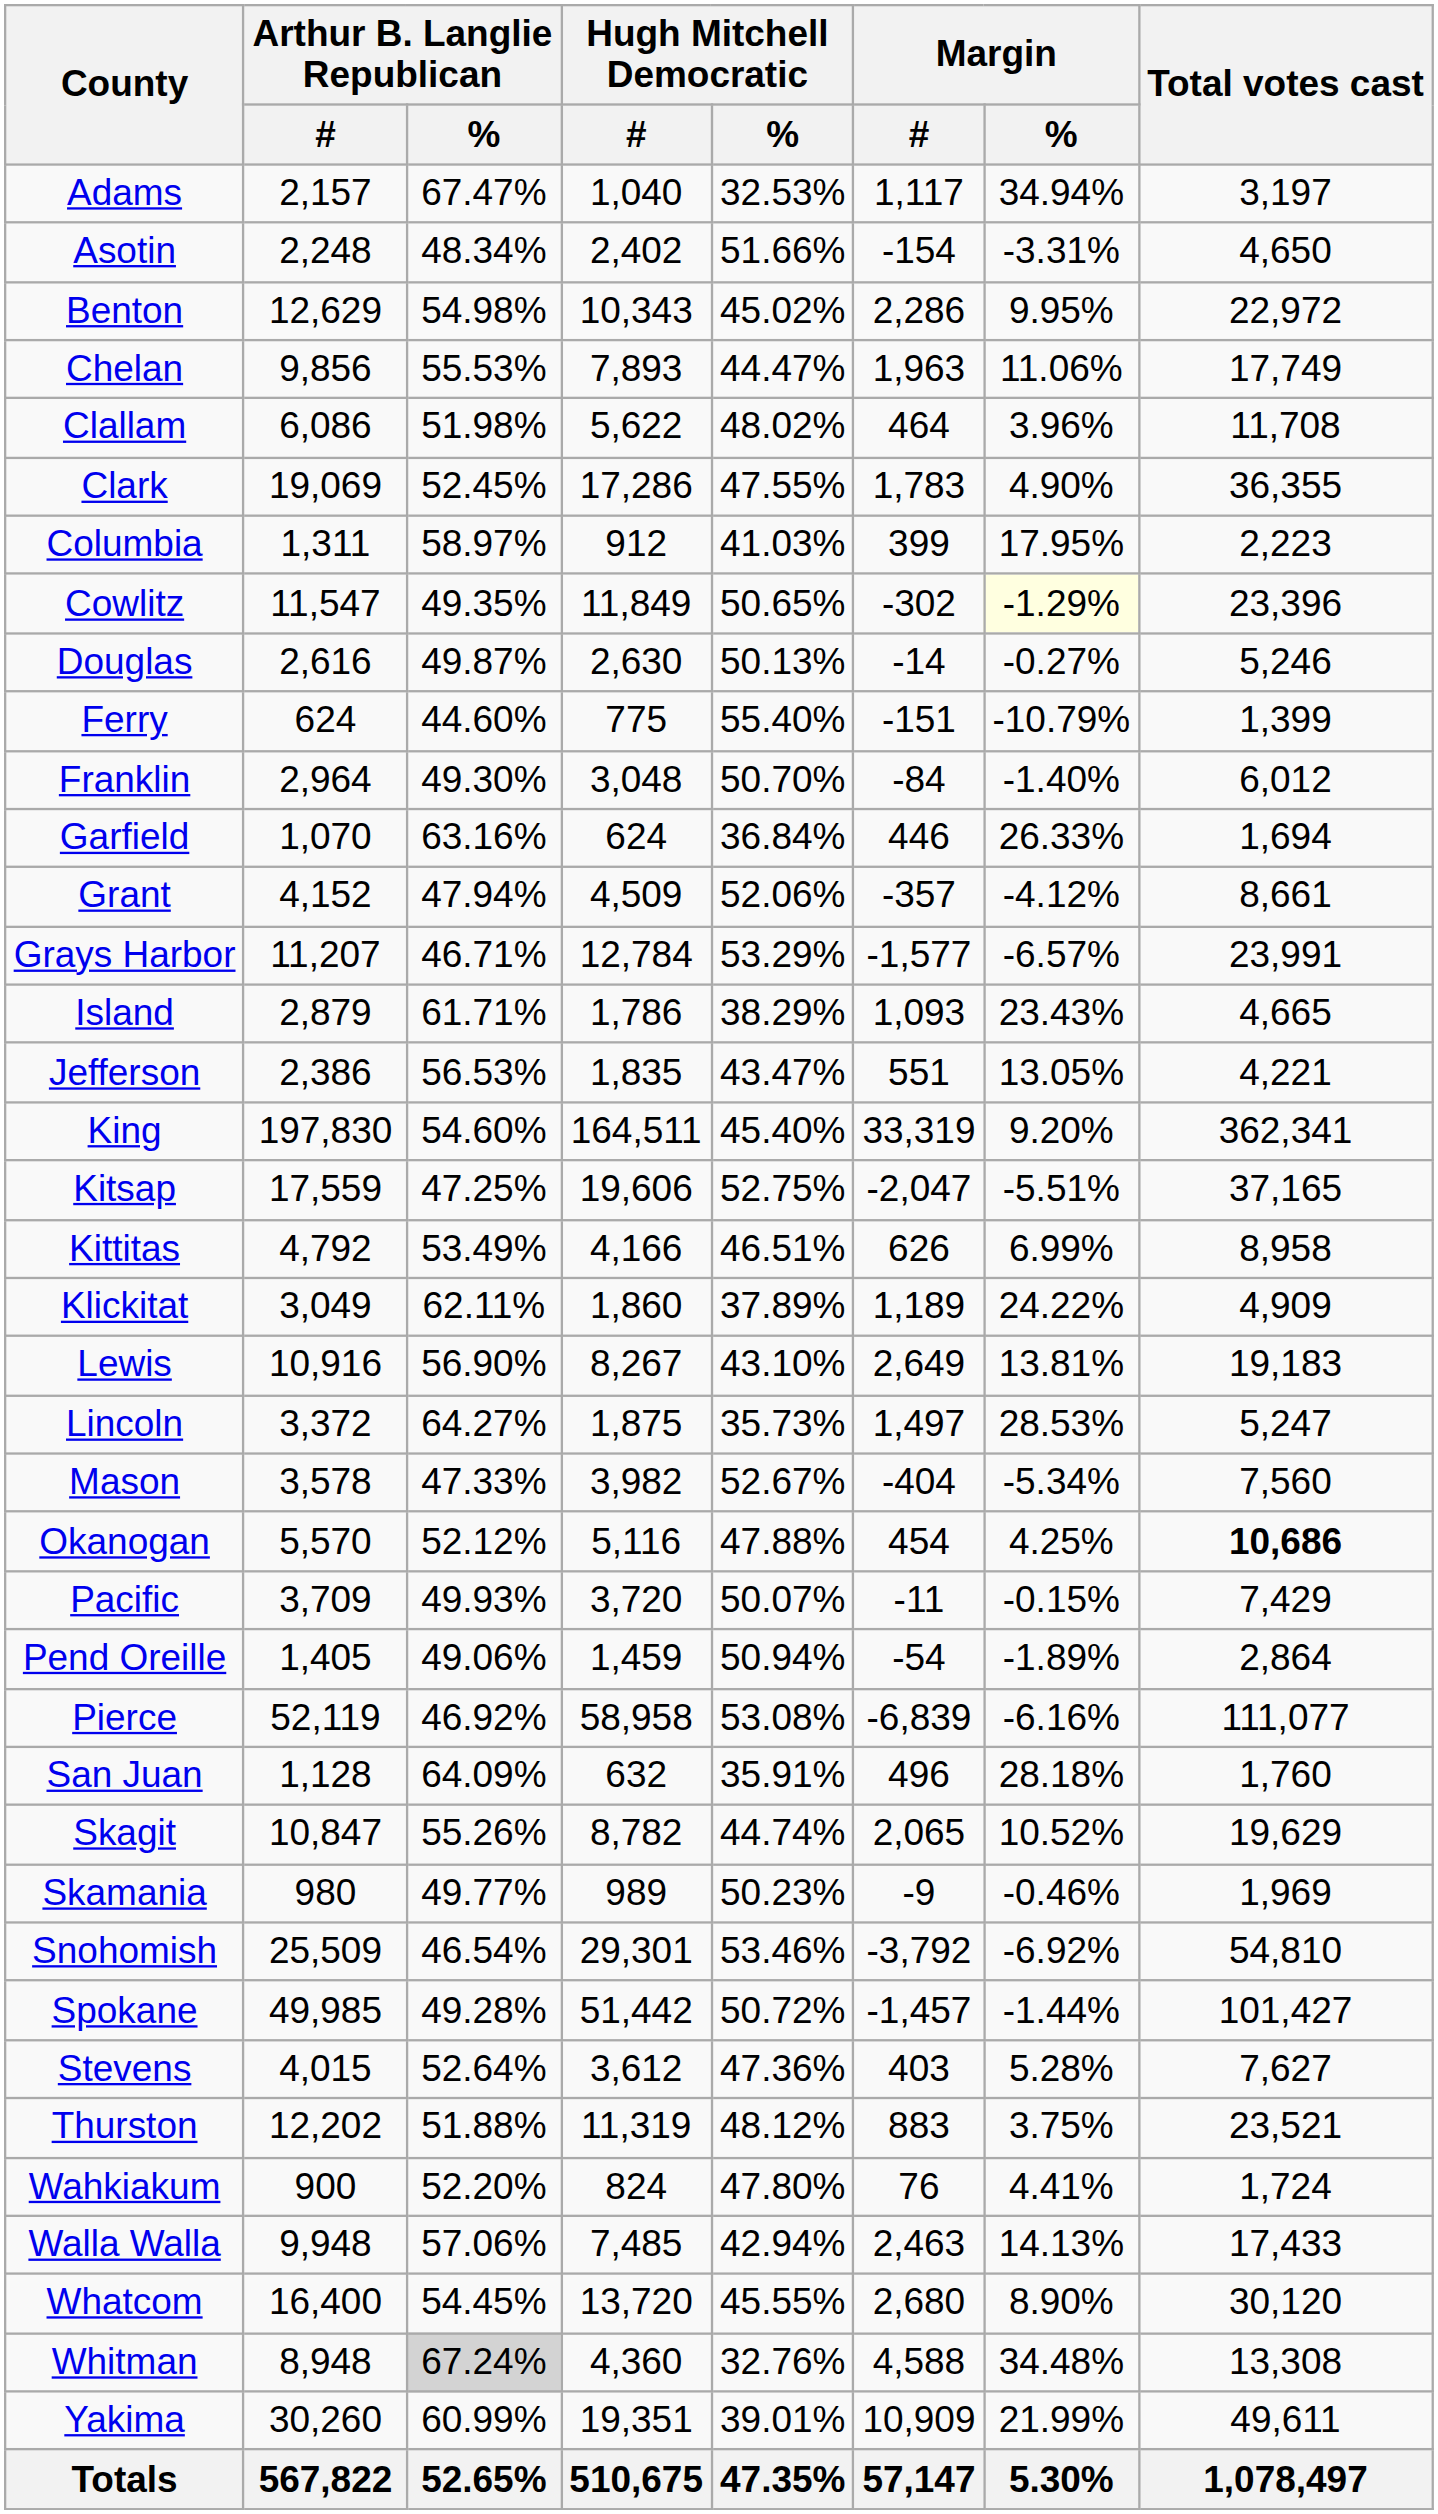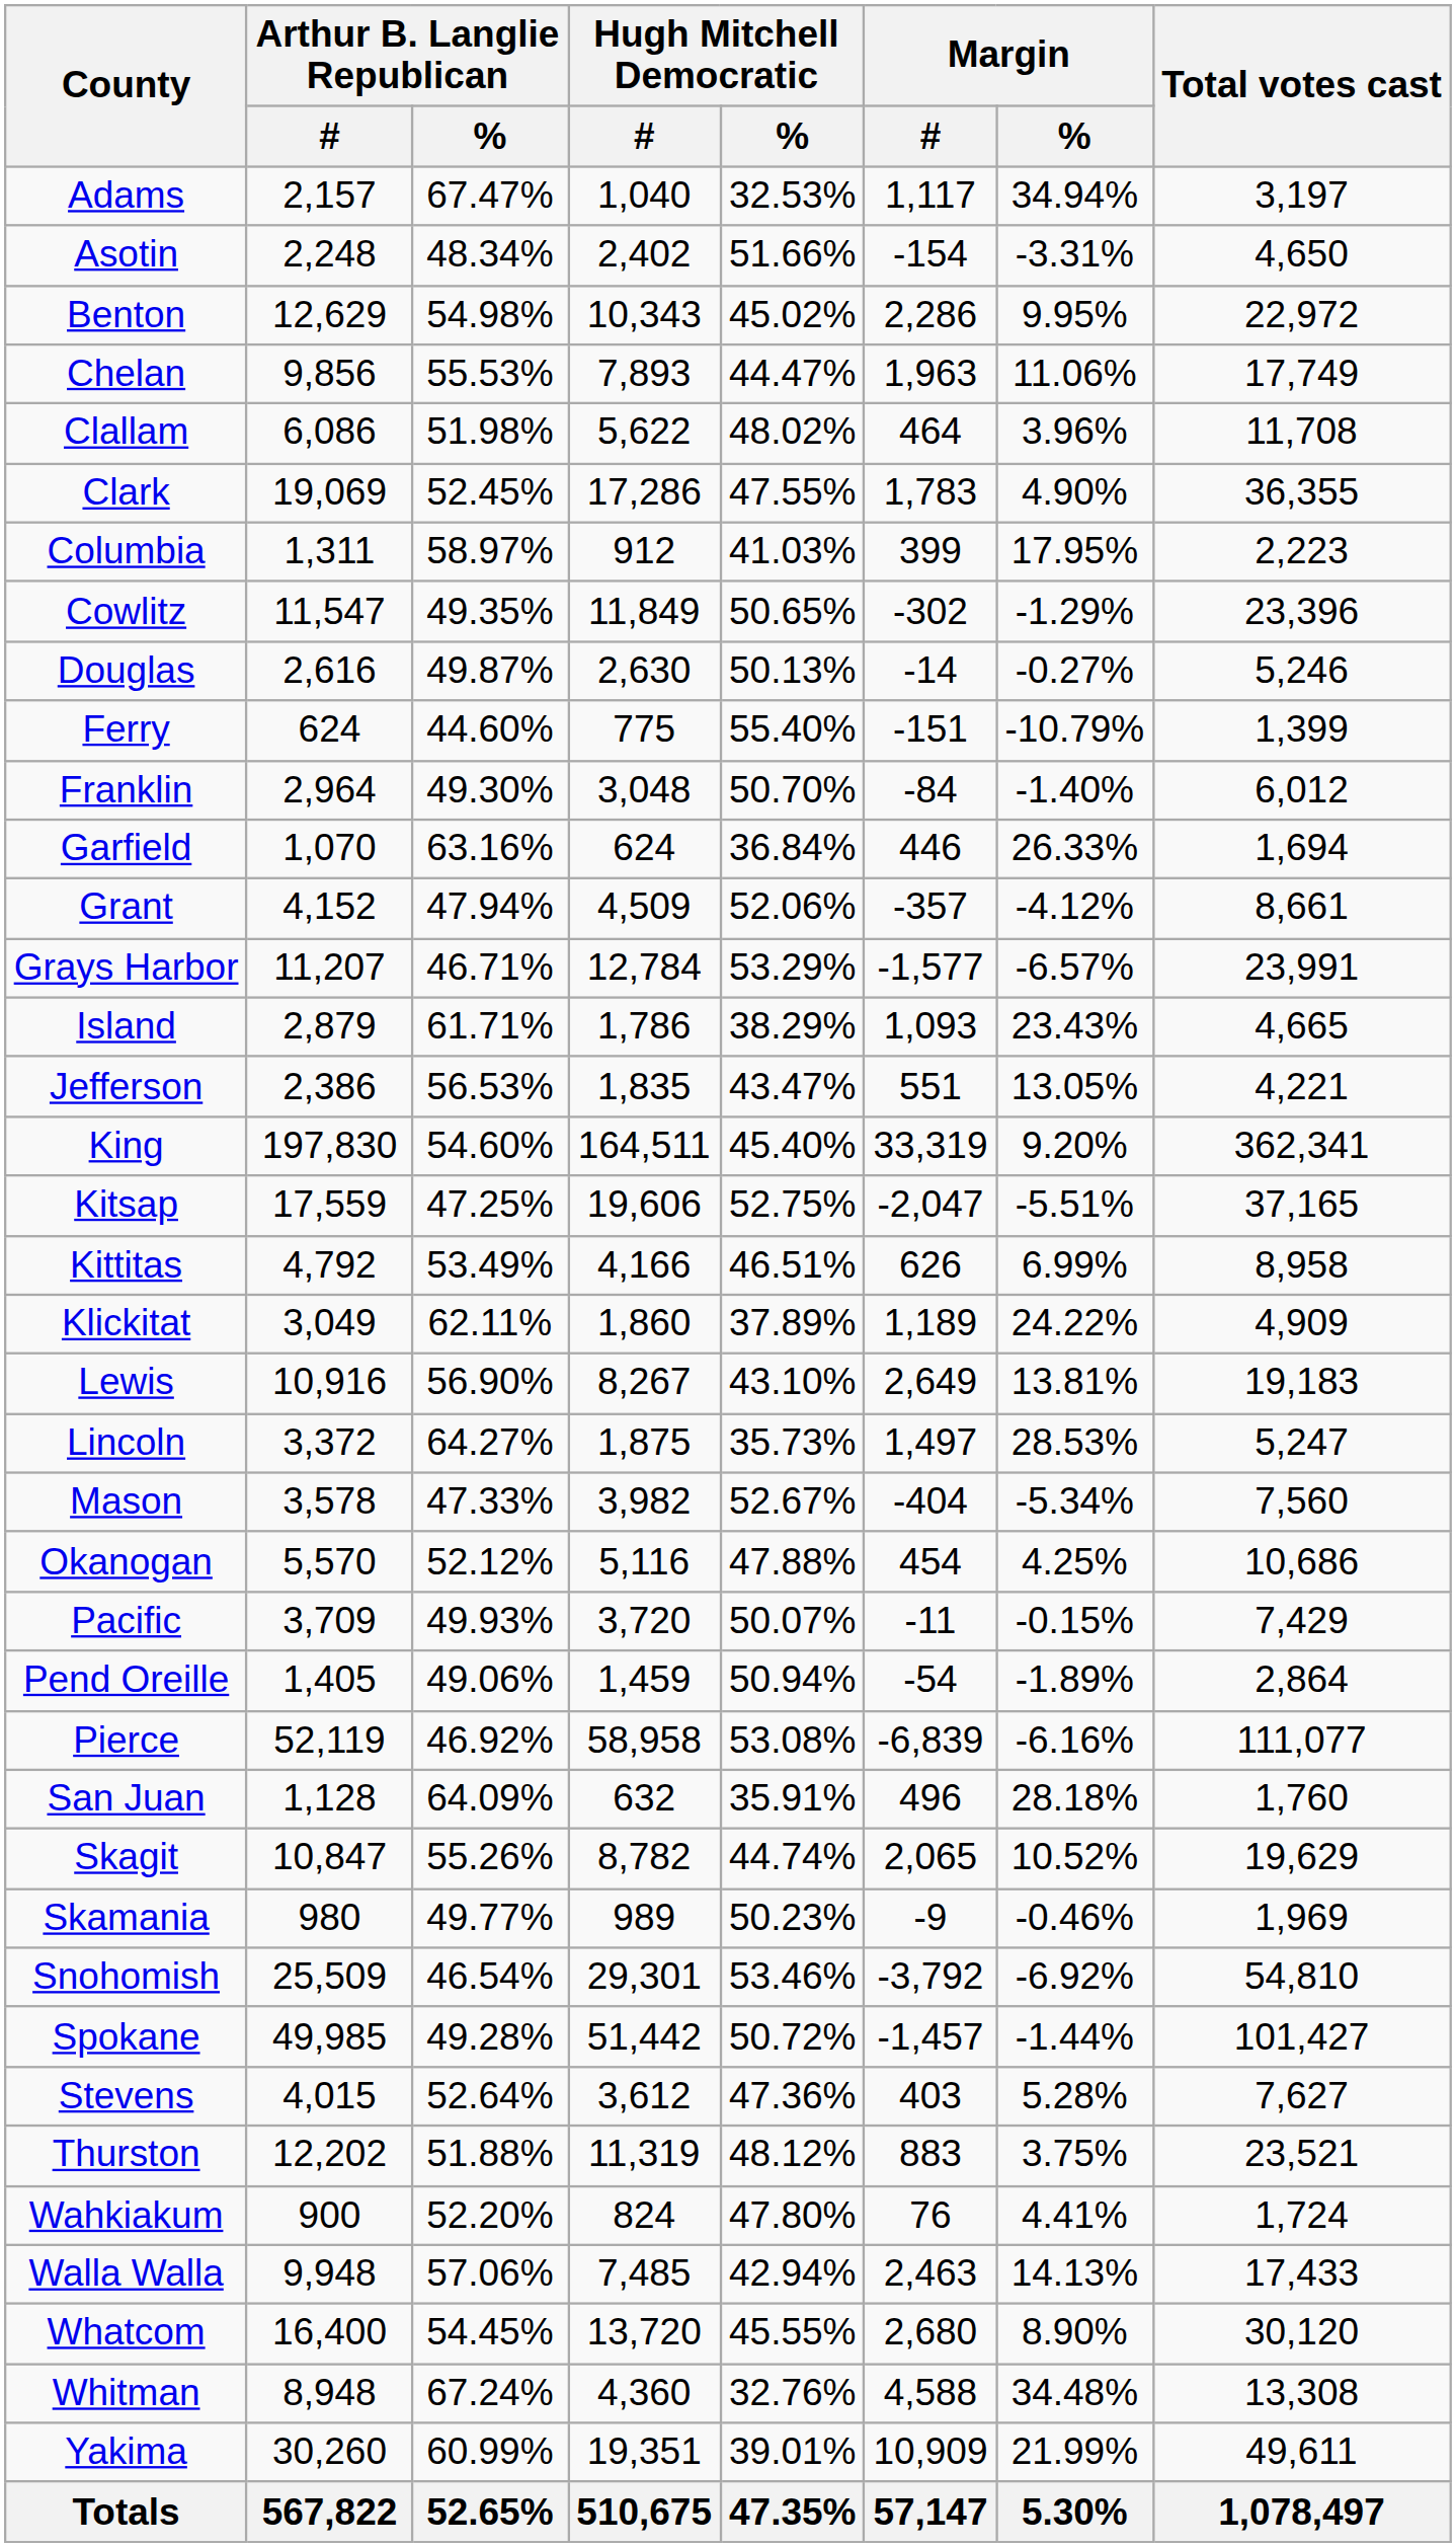 <table class="wikitable sortable">
 <tr>
 <th style="text-align:center;" rowspan="2">County</th>
 <th style="text-align:center;" colspan="2">Arthur B. Langlie<br>Republican</th>
 <th style="text-align:center;" colspan="2">Hugh Mitchell<br>Democratic</th>
 <th style="text-align:center;" colspan="2">Margin</th>
 <th style="text-align:center;" rowspan="2">Total votes cast</th>
 </tr>
 <tr bgcolor="lightgrey">
 <th style="text-align:center;" data-sort-type="number">#</th>
 <th style="text-align:center;" data-sort-type="number">%</th>
 <th style="text-align:center;" data-sort-type="number">#</th>
 <th style="text-align:center;" data-sort-type="number">%</th>
 <th style="text-align:center;" data-sort-type="number">#</th>
 <th style="text-align:center;" data-sort-type="number">%</th>
 </tr>
 <tr style="text-align:center;">
 <td><a href='#'>Adams</a></td>
 <td>2,157</td>
 <td>67.47%</td>
 <td>1,040</td>
 <td>32.53%</td>
 <td>1,117</td>
 <td>34.94%</td>
 <td>3,197</td>
 </tr>
 <tr style="text-align:center;">
 <td><a href='#'>Asotin</a></td>
 <td>2,248</td>
 <td>48.34%</td>
 <td>2,402</td>
 <td>51.66%</td>
 <td>-154</td>
 <td>-3.31%</td>
 <td>4,650</td>
 </tr>
 <tr style="text-align:center;">
 <td><a href='#'>Benton</a></td>
 <td>12,629</td>
 <td>54.98%</td>
 <td>10,343</td>
 <td>45.02%</td>
 <td>2,286</td>
 <td>9.95%</td>
 <td>22,972</td>
 </tr>
 <tr style="text-align:center;">
 <td><a href='#'>Chelan</a></td>
 <td>9,856</td>
 <td>55.53%</td>
 <td>7,893</td>
 <td>44.47%</td>
 <td>1,963</td>
 <td>11.06%</td>
 <td>17,749</td>
 </tr>
 <tr style="text-align:center;">
 <td><a href='#'>Clallam</a></td>
 <td>6,086</td>
 <td>51.98%</td>
 <td>5,622</td>
 <td>48.02%</td>
 <td>464</td>
 <td>3.96%</td>
 <td>11,708</td>
 </tr>
 <tr style="text-align:center;">
 <td><a href='#'>Clark</a></td>
 <td>19,069</td>
 <td>52.45%</td>
 <td>17,286</td>
 <td>47.55%</td>
 <td>1,783</td>
 <td>4.90%</td>
 <td>36,355</td>
 </tr>
 <tr style="text-align:center;">
 <td><a href='#'>Columbia</a></td>
 <td>1,311</td>
 <td>58.97%</td>
 <td>912</td>
 <td>41.03%</td>
 <td>399</td>
 <td>17.95%</td>
 <td>2,223</td>
 </tr>
 <tr style="text-align:center;">
 <td><a href='#'>Cowlitz</a></td>
 <td>11,547</td>
 <td>49.35%</td>
 <td>11,849</td>
 <td>50.65%</td>
 <td>-302</td>
-<td style="background: lightyellow;">-1.29%</td>
+<td>-1.29%</td>
 <td>23,396</td>
 </tr>
 <tr style="text-align:center;">
 <td><a href='#'>Douglas</a></td>
 <td>2,616</td>
 <td>49.87%</td>
 <td>2,630</td>
 <td>50.13%</td>
 <td>-14</td>
 <td>-0.27%</td>
 <td>5,246</td>
 </tr>
 <tr style="text-align:center;">
 <td><a href='#'>Ferry</a></td>
 <td>624</td>
 <td>44.60%</td>
 <td>775</td>
 <td>55.40%</td>
 <td>-151</td>
 <td>-10.79%</td>
 <td>1,399</td>
 </tr>
 <tr style="text-align:center;">
 <td><a href='#'>Franklin</a></td>
 <td>2,964</td>
 <td>49.30%</td>
 <td>3,048</td>
 <td>50.70%</td>
 <td>-84</td>
 <td>-1.40%</td>
 <td>6,012</td>
 </tr>
 <tr style="text-align:center;">
 <td><a href='#'>Garfield</a></td>
 <td>1,070</td>
 <td>63.16%</td>
 <td>624</td>
 <td>36.84%</td>
 <td>446</td>
 <td>26.33%</td>
 <td>1,694</td>
 </tr>
 <tr style="text-align:center;">
 <td><a href='#'>Grant</a></td>
 <td>4,152</td>
 <td>47.94%</td>
 <td>4,509</td>
 <td>52.06%</td>
 <td>-357</td>
 <td>-4.12%</td>
 <td>8,661</td>
 </tr>
 <tr style="text-align:center;">
 <td><a href='#'>Grays Harbor</a></td>
 <td>11,207</td>
 <td>46.71%</td>
 <td>12,784</td>
 <td>53.29%</td>
 <td>-1,577</td>
 <td>-6.57%</td>
 <td>23,991</td>
 </tr>
 <tr style="text-align:center;">
 <td><a href='#'>Island</a></td>
 <td>2,879</td>
 <td>61.71%</td>
 <td>1,786</td>
 <td>38.29%</td>
 <td>1,093</td>
 <td>23.43%</td>
 <td>4,665</td>
 </tr>
 <tr style="text-align:center;">
 <td><a href='#'>Jefferson</a></td>
 <td>2,386</td>
 <td>56.53%</td>
 <td>1,835</td>
 <td>43.47%</td>
 <td>551</td>
 <td>13.05%</td>
 <td>4,221</td>
 </tr>
 <tr style="text-align:center;">
 <td><a href='#'>King</a></td>
 <td>197,830</td>
 <td>54.60%</td>
 <td>164,511</td>
 <td>45.40%</td>
 <td>33,319</td>
 <td>9.20%</td>
 <td>362,341</td>
 </tr>
 <tr style="text-align:center;">
 <td><a href='#'>Kitsap</a></td>
 <td>17,559</td>
 <td>47.25%</td>
 <td>19,606</td>
 <td>52.75%</td>
 <td>-2,047</td>
 <td>-5.51%</td>
 <td>37,165</td>
 </tr>
 <tr style="text-align:center;">
 <td><a href='#'>Kittitas</a></td>
 <td>4,792</td>
 <td>53.49%</td>
 <td>4,166</td>
 <td>46.51%</td>
 <td>626</td>
 <td>6.99%</td>
 <td>8,958</td>
 </tr>
 <tr style="text-align:center;">
 <td><a href='#'>Klickitat</a></td>
 <td>3,049</td>
 <td>62.11%</td>
 <td>1,860</td>
 <td>37.89%</td>
 <td>1,189</td>
 <td>24.22%</td>
 <td>4,909</td>
 </tr>
 <tr style="text-align:center;">
 <td><a href='#'>Lewis</a></td>
 <td>10,916</td>
 <td>56.90%</td>
 <td>8,267</td>
 <td>43.10%</td>
 <td>2,649</td>
 <td>13.81%</td>
 <td>19,183</td>
 </tr>
 <tr style="text-align:center;">
 <td><a href='#'>Lincoln</a></td>
 <td>3,372</td>
 <td>64.27%</td>
 <td>1,875</td>
 <td>35.73%</td>
 <td>1,497</td>
 <td>28.53%</td>
 <td>5,247</td>
 </tr>
 <tr style="text-align:center;">
 <td><a href='#'>Mason</a></td>
 <td>3,578</td>
 <td>47.33%</td>
 <td>3,982</td>
 <td>52.67%</td>
 <td>-404</td>
 <td>-5.34%</td>
 <td>7,560</td>
 </tr>
 <tr style="text-align:center;">
 <td><a href='#'>Okanogan</a></td>
 <td>5,570</td>
 <td>52.12%</td>
 <td>5,116</td>
 <td>47.88%</td>
 <td>454</td>
 <td>4.25%</td>
-<td><strong>10,686</strong></td>
+<td>10,686</td>
 </tr>
 <tr style="text-align:center;">
 <td><a href='#'>Pacific</a></td>
 <td>3,709</td>
 <td>49.93%</td>
 <td>3,720</td>
 <td>50.07%</td>
 <td>-11</td>
 <td>-0.15%</td>
 <td>7,429</td>
 </tr>
 <tr style="text-align:center;">
 <td><a href='#'>Pend Oreille</a></td>
 <td>1,405</td>
 <td>49.06%</td>
 <td>1,459</td>
 <td>50.94%</td>
 <td>-54</td>
 <td>-1.89%</td>
 <td>2,864</td>
 </tr>
 <tr style="text-align:center;">
 <td><a href='#'>Pierce</a></td>
 <td>52,119</td>
 <td>46.92%</td>
 <td>58,958</td>
 <td>53.08%</td>
 <td>-6,839</td>
 <td>-6.16%</td>
 <td>111,077</td>
 </tr>
 <tr style="text-align:center;">
 <td><a href='#'>San Juan</a></td>
 <td>1,128</td>
 <td>64.09%</td>
 <td>632</td>
 <td>35.91%</td>
 <td>496</td>
 <td>28.18%</td>
 <td>1,760</td>
 </tr>
 <tr style="text-align:center;">
 <td><a href='#'>Skagit</a></td>
 <td>10,847</td>
 <td>55.26%</td>
 <td>8,782</td>
 <td>44.74%</td>
 <td>2,065</td>
 <td>10.52%</td>
 <td>19,629</td>
 </tr>
 <tr style="text-align:center;">
 <td><a href='#'>Skamania</a></td>
 <td>980</td>
 <td>49.77%</td>
 <td>989</td>
 <td>50.23%</td>
 <td>-9</td>
 <td>-0.46%</td>
 <td>1,969</td>
 </tr>
 <tr style="text-align:center;">
 <td><a href='#'>Snohomish</a></td>
 <td>25,509</td>
 <td>46.54%</td>
 <td>29,301</td>
 <td>53.46%</td>
 <td>-3,792</td>
 <td>-6.92%</td>
 <td>54,810</td>
 </tr>
 <tr style="text-align:center;">
 <td><a href='#'>Spokane</a></td>
 <td>49,985</td>
 <td>49.28%</td>
 <td>51,442</td>
 <td>50.72%</td>
 <td>-1,457</td>
 <td>-1.44%</td>
 <td>101,427</td>
 </tr>
 <tr style="text-align:center;">
 <td><a href='#'>Stevens</a></td>
 <td>4,015</td>
 <td>52.64%</td>
 <td>3,612</td>
 <td>47.36%</td>
 <td>403</td>
 <td>5.28%</td>
 <td>7,627</td>
 </tr>
 <tr style="text-align:center;">
 <td><a href='#'>Thurston</a></td>
 <td>12,202</td>
 <td>51.88%</td>
 <td>11,319</td>
 <td>48.12%</td>
 <td>883</td>
 <td>3.75%</td>
 <td>23,521</td>
 </tr>
 <tr style="text-align:center;">
 <td><a href='#'>Wahkiakum</a></td>
 <td>900</td>
 <td>52.20%</td>
 <td>824</td>
 <td>47.80%</td>
 <td>76</td>
 <td>4.41%</td>
 <td>1,724</td>
 </tr>
 <tr style="text-align:center;">
 <td><a href='#'>Walla Walla</a></td>
 <td>9,948</td>
 <td>57.06%</td>
 <td>7,485</td>
 <td>42.94%</td>
 <td>2,463</td>
 <td>14.13%</td>
 <td>17,433</td>
 </tr>
 <tr style="text-align:center;">
 <td><a href='#'>Whatcom</a></td>
 <td>16,400</td>
 <td>54.45%</td>
 <td>13,720</td>
 <td>45.55%</td>
 <td>2,680</td>
 <td>8.90%</td>
 <td>30,120</td>
 </tr>
 <tr style="text-align:center;">
 <td><a href='#'>Whitman</a></td>
 <td>8,948</td>
-<td style="background: lightgrey;">67.24%</td>
+<td>67.24%</td>
 <td>4,360</td>
 <td>32.76%</td>
 <td>4,588</td>
 <td>34.48%</td>
 <td>13,308</td>
 </tr>
 <tr style="text-align:center;">
 <td><a href='#'>Yakima</a></td>
 <td>30,260</td>
 <td>60.99%</td>
 <td>19,351</td>
 <td>39.01%</td>
 <td>10,909</td>
 <td>21.99%</td>
 <td>49,611</td>
 </tr>
 <tr>
 <th>Totals</th>
 <th>567,822</th>
 <th>52.65%</th>
 <th>510,675</th>
 <th>47.35%</th>
 <th>57,147</th>
 <th>5.30%</th>
 <th>1,078,497</th>
 </tr>
 </table>
